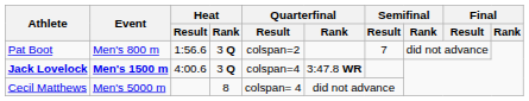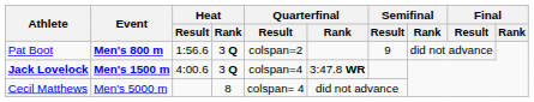 <table class=wikitable style=font-size:90%>
 <tr>
 <th rowspan=2>Athlete</th>
 <th rowspan=2>Event</th>
 <th colspan=2>Heat</th>
 <th colspan=2>Quarterfinal</th>
 <th colspan=2>Semifinal</th>
 <th colspan=2>Final</th>
 </tr>
 <tr style=font-size:95%>
 <th>Result</th>
 <th>Rank</th>
 <th>Result</th>
 <th>Rank</th>
 <th>Result</th>
 <th>Rank</th>
 <th>Result</th>
 <th>Rank</th>
 </tr>
 <tr align=center>
 <td align=left><a href='#'>Pat Boot</a></td>
-<td align=left><a href='#'>Men's 800 m</a></td>
+<td align=left><strong><a href='#'>Men's 800 m</a></strong></td>
 <td>1:56.6</td>
 <td>3 <strong>Q</strong></td>
 <td>colspan=2 </td>
 <td></td>
-<td>7</td>
+<td>9</td>
 <td colspan=2>did not advance</td>
 </tr>
 <tr align=center>
 <td align=left><strong><a href='#'>Jack Lovelock</a></strong></td>
 <td align=left><strong><a href='#'>Men's 1500 m</a></strong></td>
 <td>4:00.6</td>
 <td>3 <strong>Q</strong></td>
 <td>colspan=4 </td>
 <td>3:47.8 <strong>WR</strong></td>
 <td></td>
 </tr>
 <tr align=center>
 <td align=left><a href='#'>Cecil Matthews</a></td>
 <td align=left><a href='#'>Men's 5000 m</a></td>
 <td></td>
 <td>8</td>
 <td>colspan= 4 </td>
 <td colspan=2>did not advance</td>
 </tr>
 </table>
